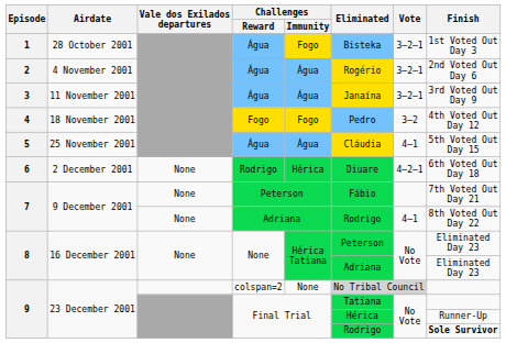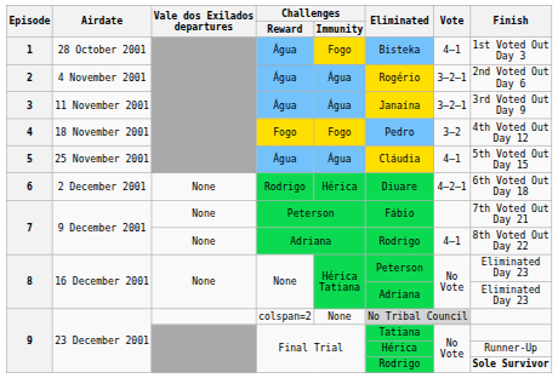 <table class="wikitable" style="margin:auto; text-align:center">
 <tr>
 <th rowspan=2>Episode</th>
 <th rowspan=2>Airdate</th>
 <th rowspan=2>Vale dos Exilados<br>departures</th>
 <th colspan=2>Challenges</th>
 <th rowspan=2>Eliminated</th>
 <th rowspan=2>Vote</th>
 <th rowspan=2>Finish</th>
 </tr>
 <tr>
 <th>Reward</th>
 <th>Immunity</th>
 </tr>
 <tr>
 <th>1</th>
 <td>28 October 2001</td>
 <td rowspan=5 bgcolor="A9A9A9"></td>
 <td bgcolor="73C2FB">Água</td>
 <td bgcolor="FFDF00">Fogo</td>
 <td bgcolor="73C2FB">Bisteka</td>
-<td>3–2–1</td>
+<td>4–1</td>
 <td>1st Voted Out<br>Day 3</td>
 </tr>
 <tr>
 <th>2</th>
 <td>4 November 2001</td>
 <td bgcolor="73C2FB">Água</td>
 <td bgcolor="73C2FB">Água</td>
 <td bgcolor="FFDF00">Rogério</td>
 <td>3–2–1</td>
 <td>2nd Voted Out<br>Day 6</td>
 </tr>
 <tr>
 <th>3</th>
 <td>11 November 2001</td>
 <td bgcolor="73C2FB">Água</td>
 <td bgcolor="73C2FB">Água</td>
 <td bgcolor="FFDF00">Janaína</td>
 <td>3–2–1</td>
 <td>3rd Voted Out<br>Day 9</td>
 </tr>
 <tr>
 <th>4</th>
 <td>18 November 2001</td>
 <td bgcolor="FFDF00">Fogo</td>
 <td bgcolor="FFDF00">Fogo</td>
 <td bgcolor="73C2FB">Pedro</td>
 <td>3–2</td>
 <td>4th Voted Out<br>Day 12</td>
 </tr>
 <tr>
 <th>5</th>
 <td>25 November 2001</td>
 <td bgcolor="73C2FB">Água</td>
 <td bgcolor="73C2FB">Água</td>
 <td bgcolor="FFDF00">Cláudia</td>
 <td>4–1</td>
 <td>5th Voted Out<br>Day 15</td>
 </tr>
 <tr>
 <th>6</th>
 <td>2 December 2001</td>
 <td>None</td>
 <td bgcolor="0BDA51">Rodrigo</td>
 <td bgcolor="0BDA51">Hérica</td>
 <td bgcolor="0BDA51">Diuare</td>
 <td>4–2–1</td>
 <td>6th Voted Out<br>Day 18</td>
 </tr>
 <tr>
 <th rowspan=2>7</th>
 <td rowspan=2>9 December 2001</td>
 <td>None</td>
 <td colspan=2 bgcolor="0BDA51">Peterson</td>
 <td bgcolor="0BDA51">Fábio</td>
 <td></td>
 <td>7th Voted Out<br>Day 21</td>
 </tr>
 <tr>
 <td>None</td>
 <td colspan=2 bgcolor="0BDA51">Adriana</td>
 <td bgcolor="0BDA51">Rodrigo</td>
 <td>4–1</td>
 <td>8th Voted Out<br>Day 22</td>
 </tr>
 <tr>
 <th rowspan=2>8</th>
 <td rowspan=2>16 December 2001</td>
 <td rowspan=2>None</td>
 <td rowspan=2>None</td>
 <td rowspan=2 bgcolor="0BDA51">Hérica<br>Tatiana</td>
 <td bgcolor="0BDA51">Peterson</td>
 <td rowspan=2>No<br>Vote</td>
 <td>Eliminated<br>Day 23</td>
 </tr>
 <tr>
 <td bgcolor="0BDA51">Adriana</td>
 <td>Eliminated<br>Day 23</td>
 </tr>
 <tr>
 <th rowspan=4>9</th>
 <td rowspan=4>23 December 2001</td>
 <td></td>
 <td>colspan=2 </td>
 <td>None</td>
 <td colspan=2 bgcolor="D3D3D3">No Tribal Council</td>
 </tr>
 <tr>
 <td rowspan=3 bgcolor="A9A9A9"></td>
 <td rowspan=3 colspan=2>Final Trial</td>
 <td bgcolor="0BDA51">Tatiana</td>
 <td rowspan=3>No<br>Vote</td>
 <td></td>
 </tr>
 <tr>
 <td bgcolor="0BDA51">Hérica</td>
 <td>Runner-Up</td>
 </tr>
 <tr>
 <td bgcolor="0BDA51">Rodrigo</td>
 <td><strong>Sole Survivor</strong></td>
 </tr>
 </table>
